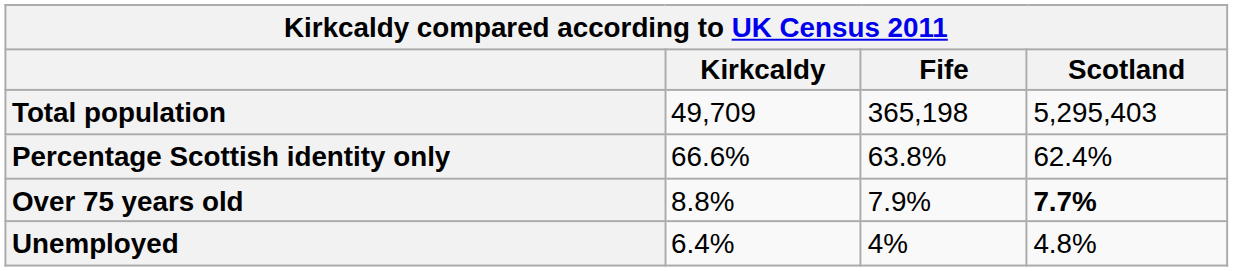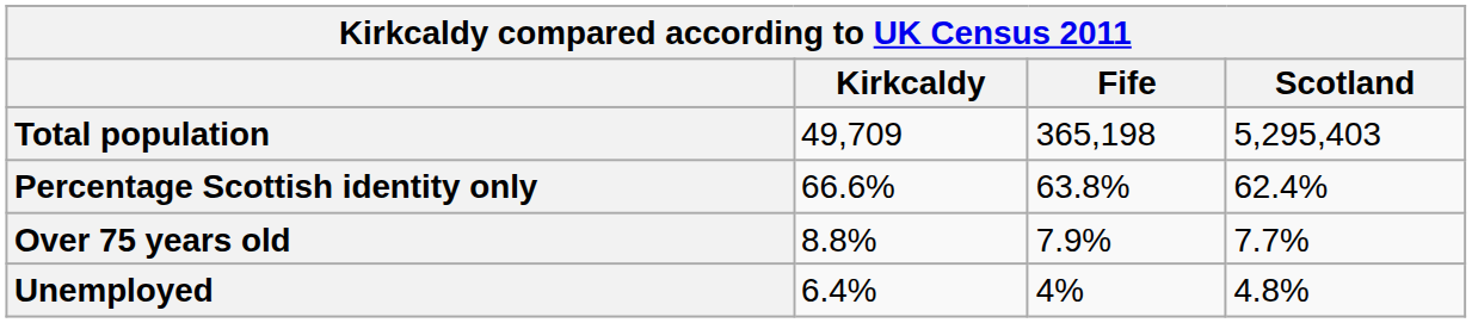 <table class="wikitable" id="toc" style="float: right; margin-left: 1em; width: 40%; font-size: 90%;" cellspacing="5">
 <tr>
 <th colspan="4"><strong>Kirkcaldy compared according to <a href='#'>UK Census 2011</a></strong></th>
 </tr>
 <tr>
 <th></th>
 <th style="padding:2px;">Kirkcaldy</th>
 <th style="padding:2px;">Fife</th>
 <th style="padding:2px;">Scotland</th>
 </tr>
 <tr>
 <th style="text-align:left;">Total population</th>
 <td>49,709</td>
 <td>365,198</td>
 <td>5,295,403</td>
 </tr>
 <tr>
 <th style="text-align:left;">Percentage Scottish identity only</th>
 <td>66.6%</td>
 <td>63.8%</td>
 <td>62.4%</td>
 </tr>
 <tr>
 <th style="text-align:left;">Over 75 years old</th>
 <td>8.8%</td>
 <td>7.9%</td>
-<td><strong>7.7%</strong></td>
+<td>7.7%</td>
 </tr>
 <tr>
 <th style="text-align:left;">Unemployed</th>
 <td>6.4%</td>
 <td>4%</td>
 <td>4.8%</td>
 </tr>
 </table>
